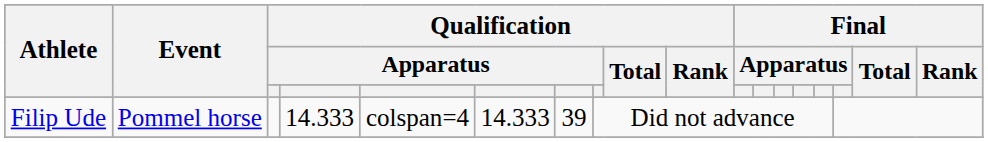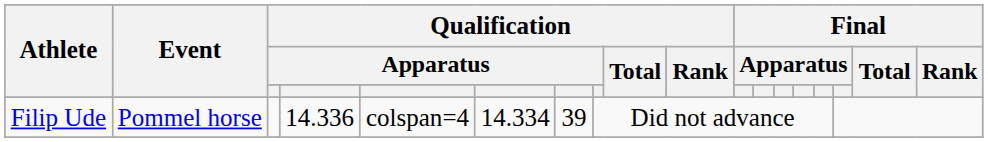 <table class="wikitable" style="font-size:90%">
 <tr>
 <th rowspan=3>Athlete</th>
 <th rowspan=3>Event</th>
 <th colspan =8>Qualification</th>
 <th colspan =8>Final</th>
 </tr>
 <tr style="font-size:95%">
 <th colspan=6>Apparatus</th>
 <th rowspan=2>Total</th>
 <th rowspan=2>Rank</th>
 <th colspan=6>Apparatus</th>
 <th rowspan=2>Total</th>
 <th rowspan=2>Rank</th>
 </tr>
 <tr style="font-size:95%">
 <th></th>
 <th></th>
 <th></th>
 <th></th>
 <th></th>
 <th></th>
 <th></th>
 <th></th>
 <th></th>
 <th></th>
 <th></th>
 <th></th>
 </tr>
 <tr align=center>
 <td align=left><a href='#'>Filip Ude</a></td>
 <td align=left><a href='#'>Pommel horse</a></td>
 <td></td>
-<td>14.333</td>
+<td>14.336</td>
 <td>colspan=4 </td>
-<td>14.333</td>
+<td>14.334</td>
 <td>39</td>
 <td colspan=8>Did not advance</td>
 </tr>
 </table>
